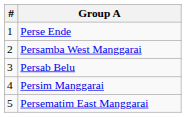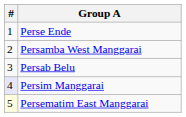 <table class="wikitable sortable"  style="width: 250px;">
 <tr>
 <th>#</th>
 <th>Group A</th>
 </tr>
 <tr>
 <td>1</td>
 <td><a href='#'>Perse Ende</a></td>
 </tr>
 <tr>
 <td>2</td>
 <td><a href='#'>Persamba West Manggarai</a></td>
 </tr>
 <tr>
 <td>3</td>
 <td><a href='#'>Persab Belu</a></td>
 </tr>
 <tr>
-<td>4</td>
+<td style="background: lavender;">4</td>
 <td><a href='#'>Persim Manggarai</a></td>
 </tr>
 <tr>
-<td>5</td>
+<td style="background: lightyellow;">5</td>
 <td><a href='#'>Persematim East Manggarai</a></td>
 </tr>
 </table>
